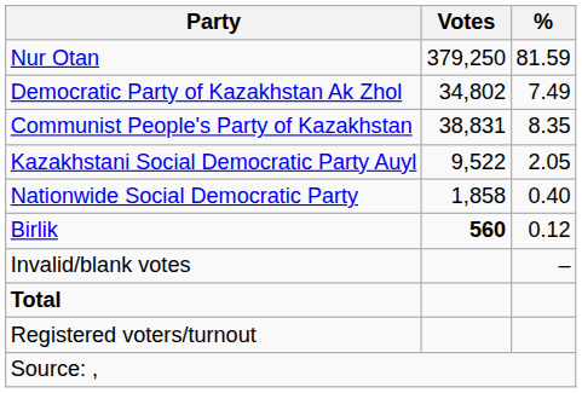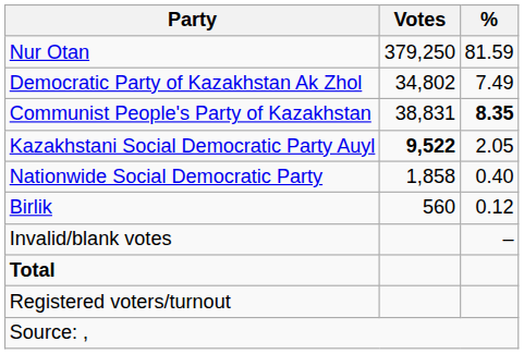 <table class=wikitable style=text-align:right>
 <tr>
 <th>Party</th>
 <th>Votes</th>
 <th>%</th>
 </tr>
 <tr>
 <td align=left><a href='#'>Nur Otan</a></td>
 <td>379,250</td>
 <td>81.59</td>
 </tr>
 <tr>
 <td align=left><a href='#'>Democratic Party of Kazakhstan Ak Zhol</a></td>
 <td>34,802</td>
 <td>7.49</td>
 </tr>
 <tr>
 <td align=left><a href='#'>Communist People's Party of Kazakhstan</a></td>
 <td>38,831</td>
-<td>8.35</td>
+<td><strong>8.35</strong></td>
 </tr>
 <tr>
 <td align=left><a href='#'>Kazakhstani Social Democratic Party Auyl</a></td>
-<td>9,522</td>
+<td><strong>9,522</strong></td>
 <td>2.05</td>
 </tr>
 <tr>
 <td align=left><a href='#'>Nationwide Social Democratic Party</a></td>
 <td>1,858</td>
 <td>0.40</td>
 </tr>
 <tr>
 <td align=left><a href='#'>Birlik</a></td>
-<td><strong>560</strong></td>
+<td>560</td>
 <td>0.12</td>
 </tr>
 <tr>
 <td align=left>Invalid/blank votes</td>
 <td></td>
 <td>–</td>
 </tr>
 <tr>
 <td align=left><strong>Total</strong></td>
 <td></td>
 <td></td>
 </tr>
 <tr>
 <td align=left>Registered voters/turnout</td>
 <td></td>
 <td></td>
 </tr>
 <tr>
 <td style="text-align:left;" colspan="5">Source: , </td>
 </tr>
 </table>
